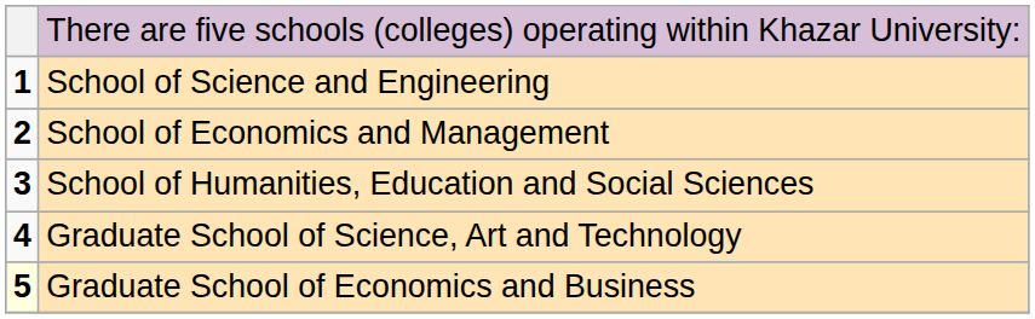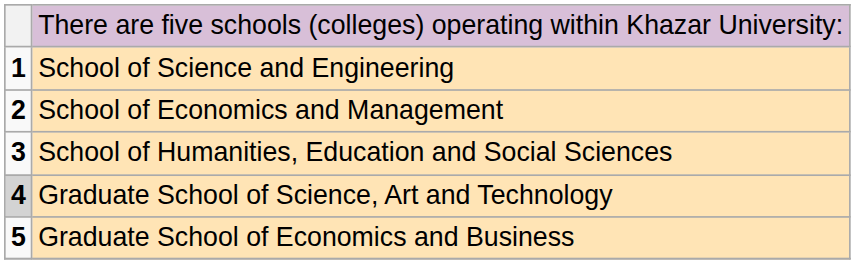 <table class="wikitable">
 <tr>
 <th></th>
 <td bgcolor=D8BFD8>There are five schools (colleges) operating within Khazar University:</td>
 </tr>
 <tr>
 <td><strong>1</strong></td>
 <td bgcolor=FFE4B5>School of Science and Engineering</td>
 </tr>
 <tr>
 <td><strong>2</strong></td>
 <td bgcolor=FFE4B5>School of Economics and Management</td>
 </tr>
 <tr>
 <td><strong>3</strong></td>
 <td bgcolor=FFE4B5>School of Humanities, Education  and Social Sciences</td>
 </tr>
 <tr>
-<td><strong>4</strong></td>
+<td style="background: lightgrey;"><strong>4</strong></td>
 <td bgcolor=FFE4B5>Graduate School of Science, Art and Technology</td>
 </tr>
 <tr>
-<td style="background: lightyellow;"><strong>5</strong></td>
+<td><strong>5</strong></td>
 <td bgcolor=FFE4B5>Graduate School of Economics and Business</td>
 </tr>
 <tr>
 </tr>
 </table>
